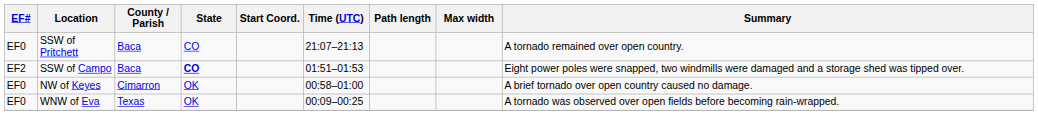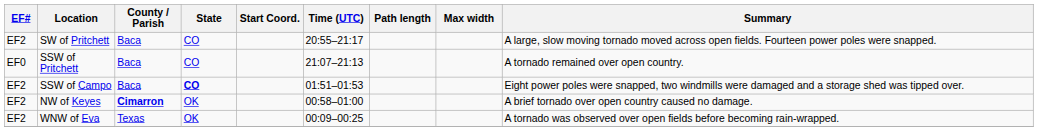 <table class="wikitable sortable" style="width:100%;">
 <tr>
 <th scope="col"  style="width:3%; text-align:center;"><a href='#'>EF#</a></th>
 <th scope="col"  style="width:7%; text-align:center;" class="unsortable">Location</th>
 <th scope="col"  style="width:6%; text-align:center;" class="unsortable">County / Parish</th>
 <th scope="col"  style="width:5%; text-align:center;">State</th>
 <th scope="col"  style="width:6%; text-align:center;">Start Coord.</th>
 <th scope="col"  style="width:6%; text-align:center;">Time (<a href='#'>UTC</a>)</th>
 <th scope="col"  style="width:6%; text-align:center;">Path length</th>
 <th scope="col"  style="width:6%; text-align:center;">Max width</th>
 <th scope="col" class="unsortable" style="width:48%; text-align:center;">Summary</th>
+</tr>
+<tr>
+<td>EF2</td>
+<td>SW of <a href='#'>Pritchett</a></td>
+<td><a href='#'>Baca</a></td>
+<td><a href='#'>CO</a></td>
+<td></td>
+<td>20:55–21:17</td>
+<td></td>
+<td></td>
+<td>A large, slow moving tornado moved across open fields. Fourteen power poles were snapped.</td>
 </tr>
 <tr>
 <td>EF0</td>
 <td>SSW of <a href='#'>Pritchett</a></td>
 <td><a href='#'>Baca</a></td>
 <td><a href='#'>CO</a></td>
 <td></td>
 <td>21:07–21:13</td>
 <td></td>
 <td></td>
 <td>A tornado remained over open country.</td>
 </tr>
 <tr>
 <td>EF2</td>
 <td>SSW of <a href='#'>Campo</a></td>
 <td><a href='#'>Baca</a></td>
 <td><strong><a href='#'>CO</a></strong></td>
 <td></td>
 <td>01:51–01:53</td>
 <td></td>
 <td></td>
 <td>Eight power poles were snapped, two windmills were damaged and a storage shed was tipped over.</td>
 </tr>
 <tr>
-<td>EF0</td>
+<td>EF2</td>
 <td>NW of <a href='#'>Keyes</a></td>
-<td><a href='#'>Cimarron</a></td>
+<td><strong><a href='#'>Cimarron</a></strong></td>
 <td><a href='#'>OK</a></td>
 <td></td>
 <td>00:58–01:00</td>
 <td></td>
 <td></td>
 <td>A brief tornado over open country caused no damage.</td>
 </tr>
 <tr>
-<td>EF0</td>
+<td>EF2</td>
 <td>WNW of <a href='#'>Eva</a></td>
 <td><a href='#'>Texas</a></td>
 <td><a href='#'>OK</a></td>
 <td></td>
 <td>00:09–00:25</td>
 <td></td>
 <td></td>
 <td>A tornado was observed over open fields before becoming rain-wrapped.</td>
 </tr>
 <tr>
 </tr>
 </table>
